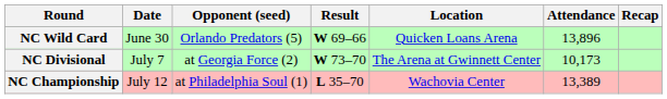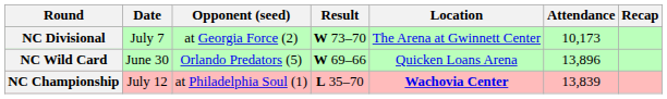 <table class="wikitable" style="text-align:center">
 <tr>
 <th>Round</th>
 <th>Date</th>
 <th>Opponent (seed)</th>
 <th>Result</th>
 <th>Location</th>
 <th>Attendance</th>
 <th>Recap</th>
 </tr>
 <tr bgcolor="bbffbb">
+<th>NC Divisional</th>
+<td>July 7</td>
+<td>at <a href='#'>Georgia Force</a> (2)</td>
+<td><strong>W</strong> 73–70</td>
+<td><a href='#'>The Arena at Gwinnett Center</a></td>
+<td>10,173</td>
+<td></td>
+</tr>
+<tr bgcolor="bbffbb">
 <th>NC Wild Card</th>
 <td>June 30</td>
 <td><a href='#'>Orlando Predators</a> (5)</td>
 <td><strong>W</strong> 69–66</td>
 <td><a href='#'>Quicken Loans Arena</a></td>
 <td>13,896</td>
 <td></td>
 </tr>
-<tr bgcolor="bbffbb">
-<th>NC Divisional</th>
-<td>July 7</td>
-<td>at <a href='#'>Georgia Force</a> (2)</td>
-<td><strong>W</strong> 73–70</td>
-<td><a href='#'>The Arena at Gwinnett Center</a></td>
-<td>10,173</td>
-<td></td>
-</tr>
 <tr bgcolor="ffbbbb">
 <th>NC Championship</th>
 <td>July 12</td>
 <td>at <a href='#'>Philadelphia Soul</a> (1)</td>
 <td><strong>L</strong> 35–70</td>
-<td><a href='#'>Wachovia Center</a></td>
-<td>13,389</td>
+<td><strong><a href='#'>Wachovia Center</a></strong></td>
+<td>13,839</td>
 <td></td>
 </tr>
 </table>
